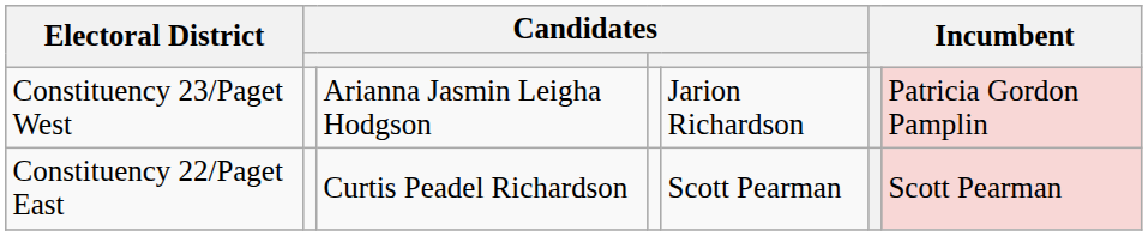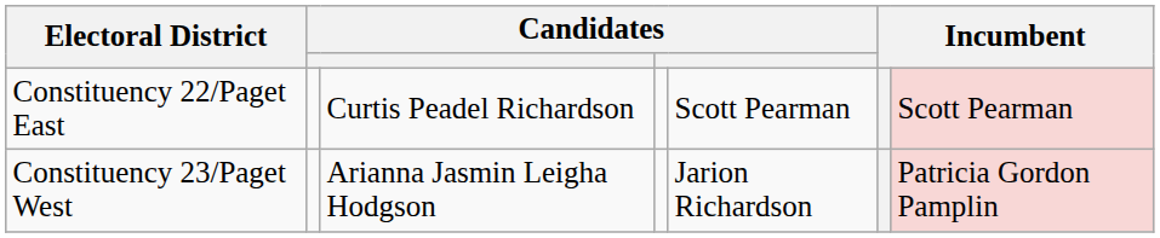 <table class="wikitable">
 <tr>
 <th rowspan="2">Electoral District</th>
 <th colspan="4">Candidates</th>
 <th colspan="2" rowspan="2">Incumbent</th>
 </tr>
 <tr>
 <th colspan="2" style="background:"><a href='#'></a></th>
 <th colspan="2" style="background:"><a href='#'></a></th>
 </tr>
 <tr>
+<td>Constituency 22/Paget East</td>
+<td></td>
+<td>Curtis Peadel Richardson</td>
+<td></td>
+<td>Scott Pearman</td>
+<th style="background:"></th>
+<td style="background:#F8D7D6;">Scott Pearman</td>
+</tr>
+<tr>
 <td>Constituency 23/Paget West</td>
 <td></td>
 <td>Arianna Jasmin Leigha Hodgson</td>
 <td></td>
 <td>Jarion Richardson</td>
 <th style="background:"></th>
 <td style="background:#F8D7D6;">Patricia Gordon Pamplin</td>
 </tr>
-<tr>
-<td>Constituency 22/Paget East</td>
-<td></td>
-<td>Curtis Peadel Richardson</td>
-<td></td>
-<td>Scott Pearman</td>
-<th style="background:"></th>
-<td style="background:#F8D7D6;">Scott Pearman</td>
-</tr>
 </table>
